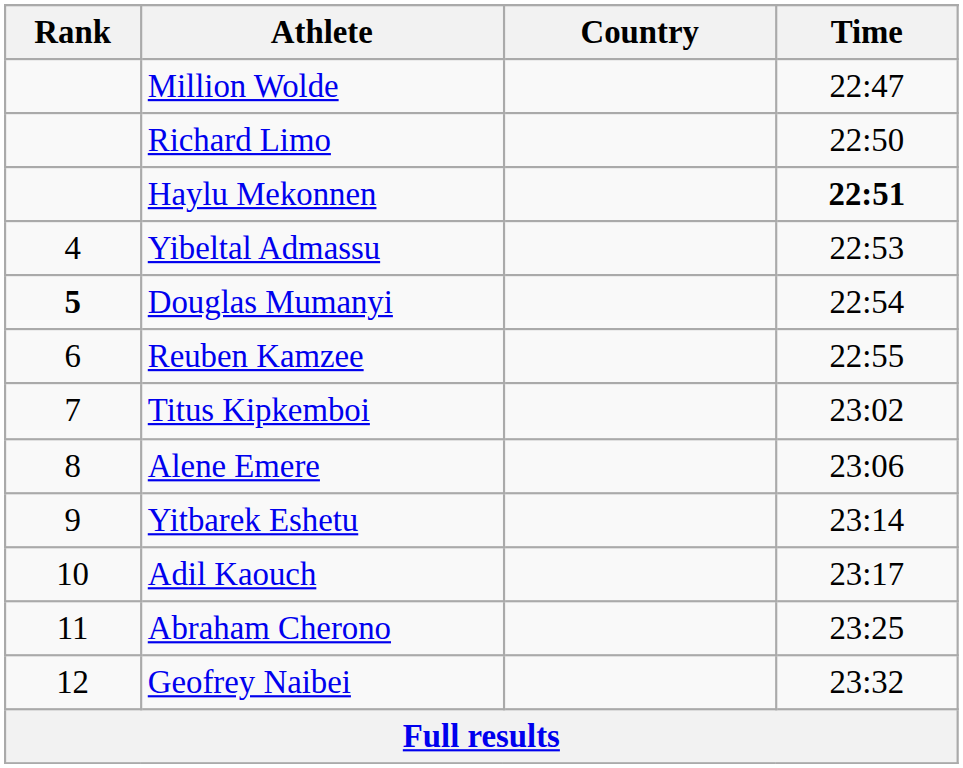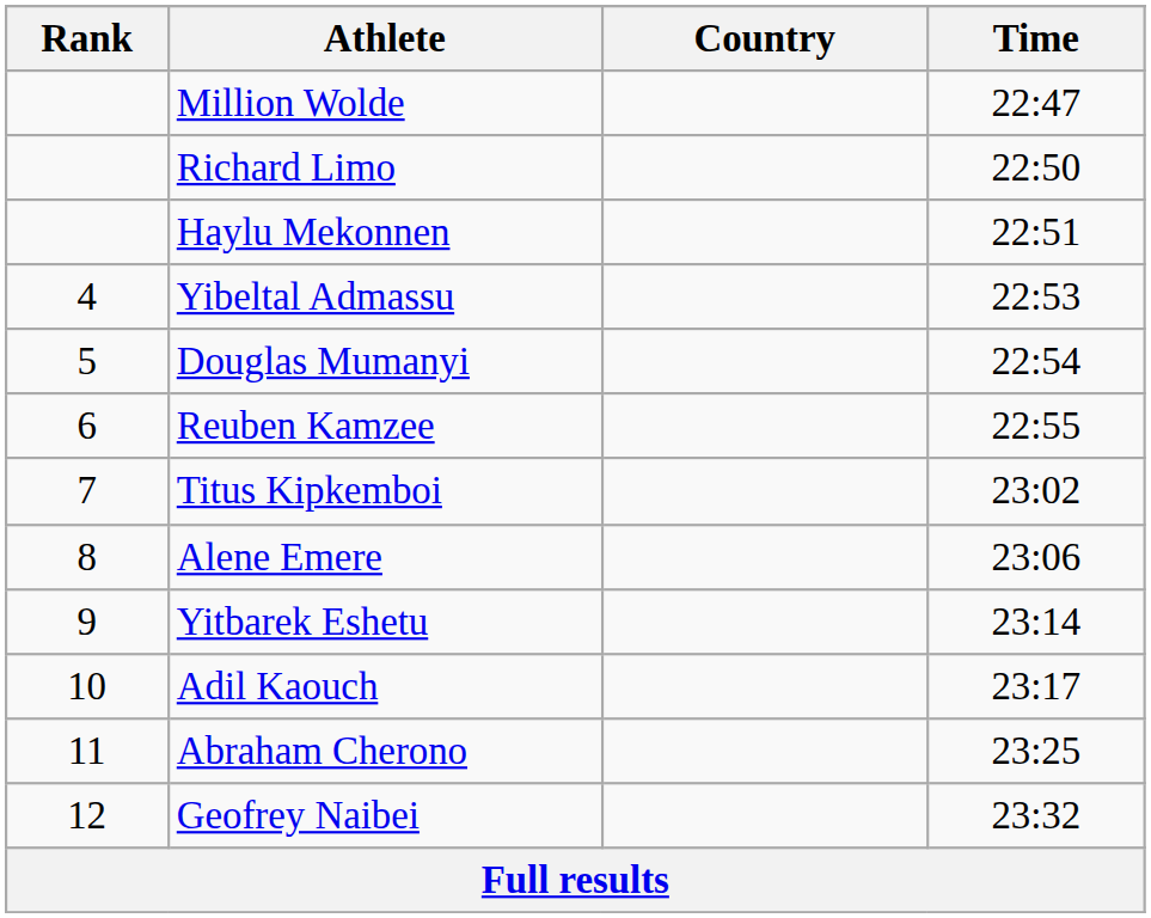 <table class="wikitable sortable" style=" text-align:center; font-size:95%;" width="50%">
 <tr>
 </tr>
 <tr>
 <th width=5%>Rank</th>
 <th width=20%>Athlete</th>
 <th width=15%>Country</th>
 <th width=10%>Time</th>
 </tr>
 <tr>
 <td align=center></td>
 <td align=left><a href='#'>Million Wolde</a></td>
 <td align=left></td>
 <td>22:47</td>
 </tr>
 <tr>
 <td align=center></td>
 <td align=left><a href='#'>Richard Limo</a></td>
 <td align=left></td>
 <td>22:50</td>
 </tr>
 <tr>
 <td align=center></td>
 <td align=left><a href='#'>Haylu Mekonnen</a></td>
 <td align=left></td>
-<td><strong>22:51</strong></td>
+<td>22:51</td>
 </tr>
 <tr>
 <td align=center>4</td>
 <td align=left><a href='#'>Yibeltal Admassu</a></td>
 <td align=left></td>
 <td>22:53</td>
 </tr>
 <tr>
-<td align=center><strong>5</strong></td>
+<td align=center>5</td>
 <td align=left><a href='#'>Douglas Mumanyi</a></td>
 <td align=left></td>
 <td>22:54</td>
 </tr>
 <tr>
 <td align=center>6</td>
 <td align=left><a href='#'>Reuben Kamzee</a></td>
 <td align=left></td>
 <td>22:55</td>
 </tr>
 <tr>
 <td align=center>7</td>
 <td align=left><a href='#'>Titus Kipkemboi</a></td>
 <td align=left></td>
 <td>23:02</td>
 </tr>
 <tr>
 <td align=center>8</td>
 <td align=left><a href='#'>Alene Emere</a></td>
 <td align=left></td>
 <td>23:06</td>
 </tr>
 <tr>
 <td align=center>9</td>
 <td align=left><a href='#'>Yitbarek Eshetu</a></td>
 <td align=left></td>
 <td>23:14</td>
 </tr>
 <tr>
 <td align=center>10</td>
 <td align=left><a href='#'>Adil Kaouch</a></td>
 <td align=left></td>
 <td>23:17</td>
 </tr>
 <tr>
 <td align=center>11</td>
 <td align=left><a href='#'>Abraham Cherono</a></td>
 <td align=left></td>
 <td>23:25</td>
 </tr>
 <tr>
 <td align=center>12</td>
 <td align=left><a href='#'>Geofrey Naibei</a></td>
 <td align=left></td>
 <td>23:32</td>
 </tr>
 <tr class="sortbottom">
 <th colspan=4 align=center><a href='#'>Full results</a></th>
 </tr>
 </table>
